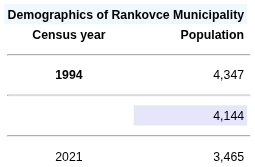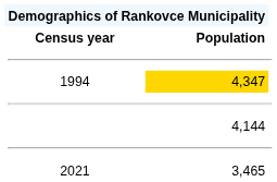 <table class="toccolours" align="center" cellpadding="4" cellspacing="0" style="margin:0 0 1em 1em; font-size: 95%;">
 <tr>
 <th colspan=2 bgcolor="#F0F8FF" align="center">Demographics of <strong>Rankovce Municipality</strong></th>
 <th></th>
 </tr>
 <tr>
 <th align="center">Census year</th>
 <th align="right">Population</th>
 </tr>
 <tr>
 <td colspan=3><hr></td>
 </tr>
 <tr>
-<td align="center"><strong>1994</strong></td>
-<td align="right">4,347</td>
+<td align="center">1994</td>
+<td align="right" style="background: gold;">4,347</td>
 </tr>
 <tr>
 <td colspan=3><hr></td>
 </tr>
 <tr>
 <td align="center"></td>
-<td align="right" style="background: lavender;">4,144</td>
+<td align="right">4,144</td>
 </tr>
 <tr>
 <td colspan=3><hr></td>
 </tr>
 <tr>
 <td align="center">2021</td>
 <td align="right">3,465</td>
 </tr>
 <tr>
 </tr>
 </table>
